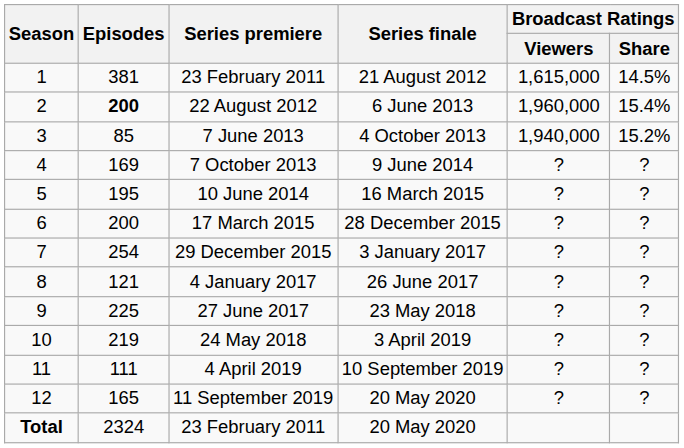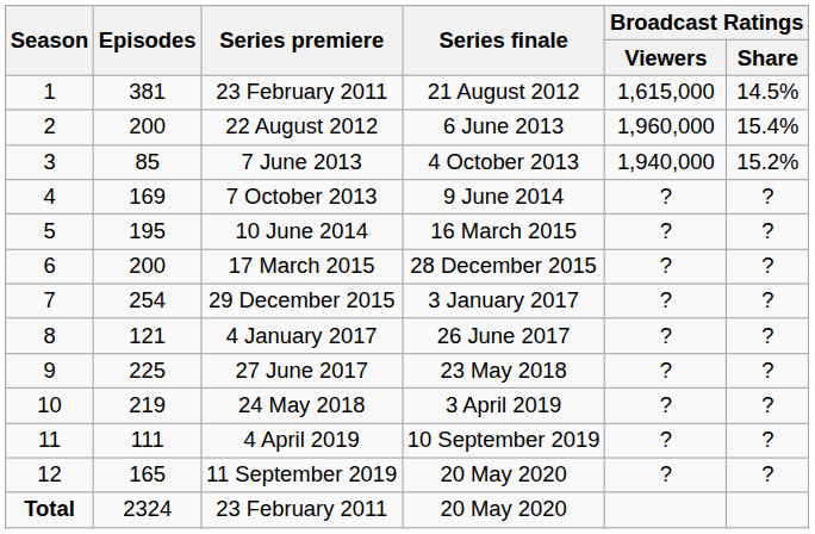 <table class="wikitable" style="text-align:center">
 <tr>
 <th rowspan="2">Season</th>
 <th rowspan="2">Episodes</th>
 <th rowspan="2">Series premiere</th>
 <th rowspan="2">Series finale</th>
 <th colspan="3">Broadcast Ratings</th>
 </tr>
 <tr>
 <th>Viewers</th>
 <th>Share</th>
 </tr>
 <tr>
 <td>1</td>
 <td>381</td>
 <td>23 February 2011</td>
 <td>21 August 2012</td>
 <td>1,615,000</td>
 <td>14.5%</td>
 </tr>
 <tr>
 <td>2</td>
-<td><strong>200</strong></td>
+<td>200</td>
 <td>22 August 2012</td>
 <td>6 June 2013</td>
 <td>1,960,000</td>
 <td>15.4%</td>
 </tr>
 <tr>
 <td>3</td>
 <td>85</td>
 <td>7 June 2013</td>
 <td>4 October 2013</td>
 <td>1,940,000</td>
 <td>15.2%</td>
 </tr>
 <tr>
 <td>4</td>
 <td>169</td>
 <td>7 October 2013</td>
 <td>9 June 2014</td>
 <td>?</td>
 <td>?</td>
 </tr>
 <tr>
 <td>5</td>
 <td>195</td>
 <td>10 June 2014</td>
 <td>16 March 2015</td>
 <td>?</td>
 <td>?</td>
 </tr>
 <tr>
 <td>6</td>
 <td>200</td>
 <td>17 March 2015</td>
 <td>28 December 2015</td>
 <td>?</td>
 <td>?</td>
 </tr>
 <tr>
 <td>7</td>
 <td>254</td>
 <td>29 December 2015</td>
 <td>3 January 2017</td>
 <td>?</td>
 <td>?</td>
 </tr>
 <tr>
 <td>8</td>
 <td>121</td>
 <td>4 January 2017</td>
 <td>26 June 2017</td>
 <td>?</td>
 <td>?</td>
 </tr>
 <tr>
 <td>9</td>
 <td>225</td>
 <td>27 June 2017</td>
 <td>23 May 2018</td>
 <td>?</td>
 <td>?</td>
 </tr>
 <tr>
 <td>10</td>
 <td>219</td>
 <td>24 May 2018</td>
 <td>3 April 2019</td>
 <td>?</td>
 <td>?</td>
 </tr>
 <tr>
 <td>11</td>
 <td>111</td>
 <td>4 April 2019</td>
 <td>10 September 2019</td>
 <td>?</td>
 <td>?</td>
 </tr>
 <tr>
 <td>12</td>
 <td>165</td>
 <td>11 September 2019</td>
 <td>20 May 2020</td>
 <td>?</td>
 <td>?</td>
 </tr>
 <tr>
 <td style="text-align:center;"><strong>Total</strong></td>
 <td>2324</td>
 <td>23 February 2011</td>
 <td>20 May 2020</td>
 <td></td>
 <td></td>
 </tr>
 </table>
